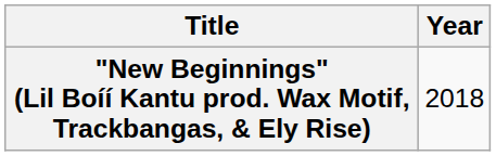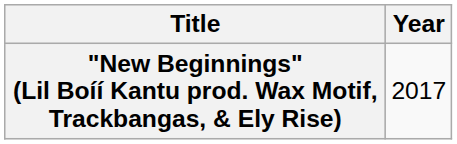 <table class="wikitable plainrowheaders" border="1" style="text-align:center;">
 <tr>
 <th scope="col" style="width:15em;">Title</th>
 <th scope="col" style="width:2em;">Year</th>
 </tr>
 <tr>
 <th scope="row">"New Beginnings"<br><span>(Lil Boíí Kantu prod. Wax Motif, Trackbangas, & Ely Rise)</span></th>
-<td>2018</td>
+<td>2017</td>
 </tr>
 </table>
